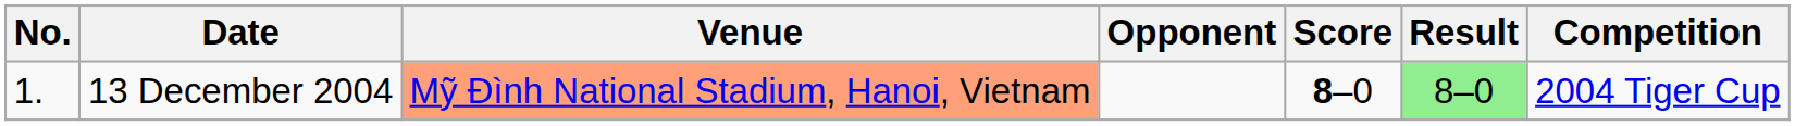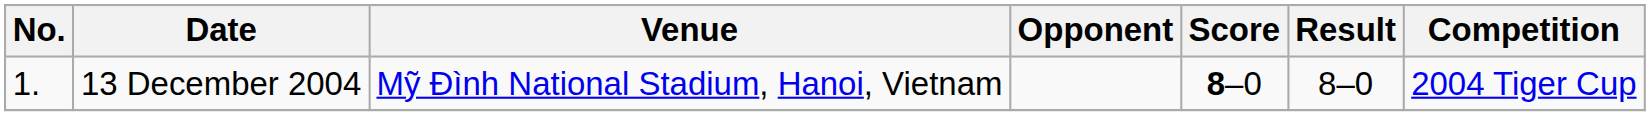 <table class="wikitable">
 <tr>
 <th>No.</th>
 <th>Date</th>
 <th>Venue</th>
 <th>Opponent</th>
 <th>Score</th>
 <th>Result</th>
 <th>Competition</th>
 </tr>
 <tr>
 <td>1.</td>
 <td>13 December 2004</td>
-<td style="background: lightsalmon;"><a href='#'>Mỹ Đình National Stadium</a>, <a href='#'>Hanoi</a>, Vietnam</td>
+<td><a href='#'>Mỹ Đình National Stadium</a>, <a href='#'>Hanoi</a>, Vietnam</td>
 <td></td>
 <td align=center><strong>8</strong>–0</td>
-<td align=center style="background: lightgreen;">8–0</td>
+<td align=center>8–0</td>
 <td><a href='#'>2004 Tiger Cup</a></td>
 </tr>
 <tr>
 </tr>
 </table>
